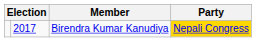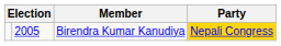 <table class="wikitable">
 <tr>
 <th colspan="2">Election</th>
 <th>Member</th>
 <th>Party</th>
 </tr>
 <tr>
 <td style="background-color:"></td>
-<td><a href='#'>2017</a></td>
+<td><a href='#'>2005</a></td>
 <td><a href='#'>Birendra Kumar Kanudiya</a></td>
 <td style="background: gold;"><a href='#'>Nepali Congress</a></td>
 </tr>
 </table>
